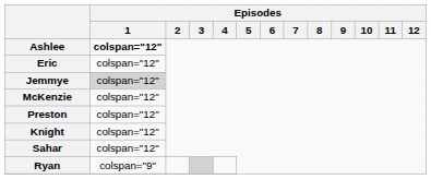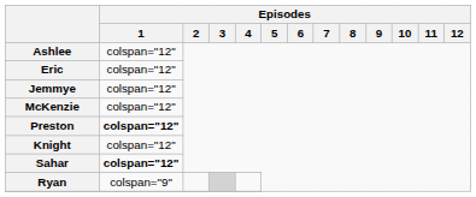 <table class="wikitable" style="text-align:center; width:40%;">
 <tr>
 <th scope="col" rowspan="2" style="width:18%;"></th>
 <th scope="colgroup" colspan="12">Episodes</th>
 </tr>
 <tr>
 <th scope="col" style="width:5%;">1</th>
 <th scope="col" style="width:5%;">2</th>
 <th scope="col" style="width:5%;">3</th>
 <th scope="col" style="width:5%;">4</th>
 <th scope="col" style="width:5%;">5</th>
 <th scope="col" style="width:5%;">6</th>
 <th scope="col" style="width:5%;">7</th>
 <th scope="col" style="width:5%;">8</th>
 <th scope="col" style="width:5%;">9</th>
 <th scope="col" style="width:5%;">10</th>
 <th scope="col" style="width:5%;">11</th>
 <th scope="col" style="width:5%;">12</th>
 </tr>
 <tr>
 <th scope="row">Ashlee</th>
-<td><strong>colspan="12" </strong></td>
+<td>colspan="12" </td>
 </tr>
 <tr>
 <th scope="row">Eric</th>
 <td>colspan="12" </td>
 </tr>
 <tr>
 <th scope="row">Jemmye</th>
-<td style="background: lightgrey;">colspan="12" </td>
+<td>colspan="12" </td>
 </tr>
 <tr>
 <th scope="row">McKenzie</th>
 <td>colspan="12" </td>
 </tr>
 <tr>
 <th scope="row">Preston</th>
-<td>colspan="12" </td>
+<td><strong>colspan="12" </strong></td>
 </tr>
 <tr>
 <th scope="row">Knight</th>
 <td>colspan="12" </td>
 </tr>
 <tr>
 <th scope="row">Sahar</th>
-<td>colspan="12" </td>
+<td><strong>colspan="12" </strong></td>
 </tr>
 <tr>
 <th scope="row">Ryan</th>
 <td>colspan="9" </td>
 <td></td>
 <td style="background:lightgray;"></td>
 <td></td>
 </tr>
 <tr>
 </tr>
 </table>
